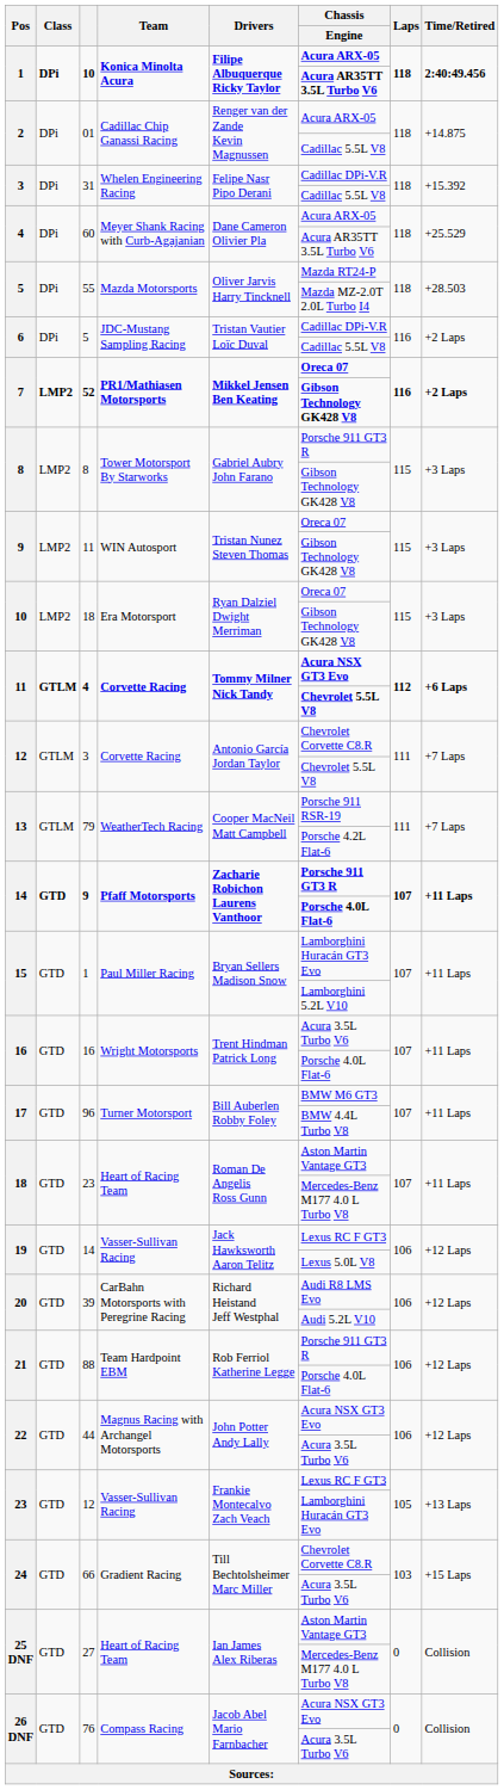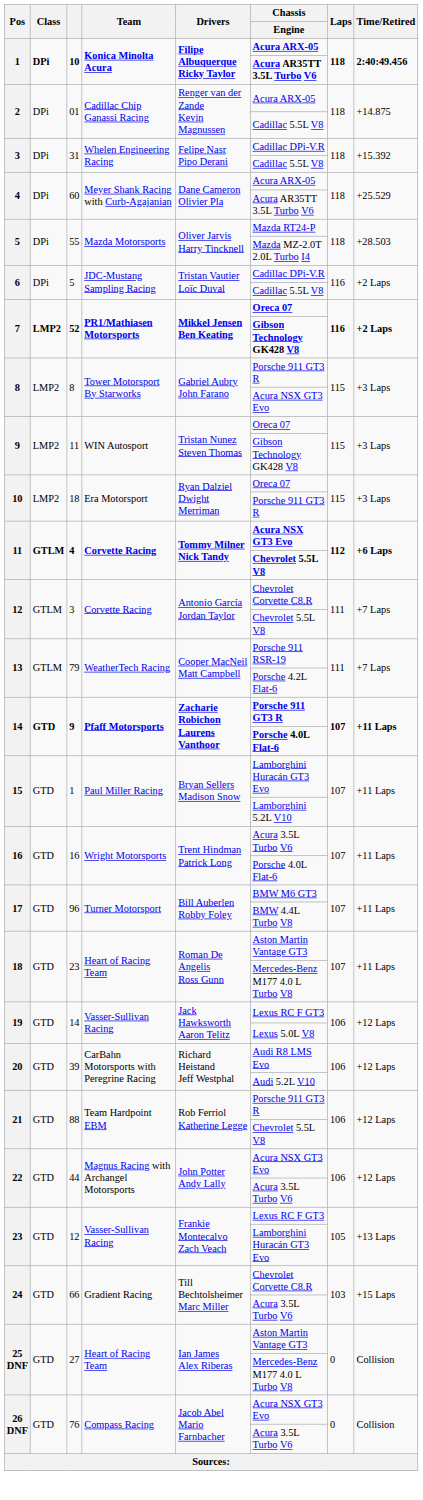 <table class="wikitable" style="font-size: 95%;">
 <tr>
 <th rowspan="2">Pos</th>
 <th rowspan="2">Class</th>
 <th rowspan="2"></th>
 <th rowspan="2">Team</th>
 <th rowspan="2">Drivers</th>
 <th>Chassis</th>
 <th rowspan="2">Laps</th>
 <th rowspan="2">Time/Retired</th>
 </tr>
 <tr>
 <th>Engine</th>
 </tr>
 <tr style="font-weight:bold">
 <th rowspan="2">1</th>
 <td rowspan="2">DPi</td>
 <td rowspan="2">10</td>
 <td rowspan="2"> <a href='#'>Konica Minolta Acura</a></td>
 <td rowspan="2"> <strong><a href='#'>Filipe Albuquerque</a></strong><br> <a href='#'>Ricky Taylor</a></td>
 <td><a href='#'>Acura ARX-05</a></td>
 <td rowspan="2">118</td>
 <td rowspan="2">2:40:49.456</td>
 </tr>
 <tr style="font-weight:bold">
 <td><a href='#'>Acura</a> AR35TT 3.5L <a href='#'>Turbo</a> <a href='#'>V6</a></td>
 </tr>
 <tr>
 <th rowspan="2">2</th>
 <td rowspan="2">DPi</td>
 <td rowspan="2">01</td>
 <td rowspan="2"> <a href='#'>Cadillac Chip Ganassi Racing</a></td>
 <td rowspan="2"> <a href='#'>Renger van der Zande</a><br> <a href='#'>Kevin Magnussen</a></td>
 <td><a href='#'>Acura ARX-05</a></td>
 <td rowspan="2">118</td>
 <td rowspan="2">+14.875</td>
 </tr>
 <tr>
 <td><a href='#'>Cadillac</a> 5.5L <a href='#'>V8</a></td>
 </tr>
 <tr>
 <th rowspan="2">3</th>
 <td rowspan="2">DPi</td>
 <td rowspan="2">31</td>
 <td rowspan="2"> <a href='#'>Whelen Engineering Racing</a></td>
 <td rowspan="2"> <a href='#'>Felipe Nasr</a><br> <a href='#'>Pipo Derani</a></td>
 <td><a href='#'>Cadillac DPi-V.R</a></td>
 <td rowspan="2">118</td>
 <td rowspan="2">+15.392</td>
 </tr>
 <tr>
 <td><a href='#'>Cadillac</a> 5.5L <a href='#'>V8</a></td>
 </tr>
 <tr>
 <th rowspan="2">4</th>
 <td rowspan="2">DPi</td>
 <td rowspan="2">60</td>
 <td rowspan="2"> <a href='#'>Meyer Shank Racing</a> with <a href='#'>Curb-Agajanian</a></td>
 <td rowspan="2"> <a href='#'>Dane Cameron</a><br> <a href='#'>Olivier Pla</a></td>
 <td><a href='#'>Acura ARX-05</a></td>
 <td rowspan="2">118</td>
 <td rowspan="2">+25.529</td>
 </tr>
 <tr>
 <td><a href='#'>Acura</a> AR35TT 3.5L <a href='#'>Turbo</a> <a href='#'>V6</a></td>
 </tr>
 <tr>
 <th rowspan="2">5</th>
 <td rowspan="2">DPi</td>
 <td rowspan="2">55</td>
 <td rowspan="2"> <a href='#'>Mazda Motorsports</a></td>
 <td rowspan="2"> <a href='#'>Oliver Jarvis</a><br> <a href='#'>Harry Tincknell</a></td>
 <td><a href='#'>Mazda RT24-P</a></td>
 <td rowspan="2">118</td>
 <td rowspan="2">+28.503</td>
 </tr>
 <tr>
 <td><a href='#'>Mazda</a> MZ-2.0T 2.0L <a href='#'>Turbo</a> <a href='#'>I4</a></td>
 </tr>
 <tr>
 <th rowspan="2">6</th>
 <td rowspan="2">DPi</td>
 <td rowspan="2">5</td>
 <td rowspan="2"> <a href='#'>JDC-Mustang Sampling Racing</a></td>
 <td rowspan="2"> <a href='#'>Tristan Vautier</a><br> <a href='#'>Loïc Duval</a></td>
 <td><a href='#'>Cadillac DPi-V.R</a></td>
 <td rowspan="2">116</td>
 <td rowspan="2">+2 Laps</td>
 </tr>
 <tr>
 <td><a href='#'>Cadillac</a> 5.5L <a href='#'>V8</a></td>
 </tr>
 <tr style="font-weight:bold">
 <th rowspan="2">7</th>
 <td rowspan="2">LMP2</td>
 <td rowspan="2">52</td>
 <td rowspan="2"> <a href='#'>PR1/Mathiasen Motorsports</a></td>
 <td rowspan="2"> <a href='#'>Mikkel Jensen</a><br> <a href='#'>Ben Keating</a></td>
 <td><a href='#'>Oreca 07</a></td>
 <td rowspan="2">116</td>
 <td rowspan="2">+2 Laps</td>
 </tr>
 <tr style="font-weight:bold">
 <td><a href='#'>Gibson Technology</a> GK428 <a href='#'>V8</a></td>
 </tr>
 <tr>
 <th rowspan="2">8</th>
 <td rowspan="2">LMP2</td>
 <td rowspan="2">8</td>
 <td rowspan="2"> <a href='#'>Tower Motorsport By Starworks</a></td>
 <td rowspan="2"> <a href='#'>Gabriel Aubry</a><br> <a href='#'>John Farano</a></td>
 <td><a href='#'>Porsche 911 GT3 R</a></td>
 <td rowspan="2">115</td>
 <td rowspan="2">+3 Laps</td>
 </tr>
 <tr>
-<td><a href='#'>Gibson Technology</a> GK428 <a href='#'>V8</a></td>
+<td><a href='#'>Acura NSX GT3 Evo</a></td>
 </tr>
 <tr>
 <th rowspan="2">9</th>
 <td rowspan="2">LMP2</td>
 <td rowspan="2">11</td>
 <td rowspan="2"> WIN Autosport</td>
 <td rowspan="2"> <a href='#'>Tristan Nunez</a><br> <a href='#'>Steven Thomas</a></td>
 <td><a href='#'>Oreca 07</a></td>
 <td rowspan="2">115</td>
 <td rowspan="2">+3 Laps</td>
 </tr>
 <tr>
 <td><a href='#'>Gibson Technology</a> GK428 <a href='#'>V8</a></td>
 </tr>
 <tr>
 <th rowspan="2">10</th>
 <td rowspan="2">LMP2</td>
 <td rowspan="2">18</td>
 <td rowspan="2"> Era Motorsport</td>
 <td rowspan="2"> <a href='#'>Ryan Dalziel</a><br> <a href='#'>Dwight Merriman</a></td>
 <td><a href='#'>Oreca 07</a></td>
 <td rowspan="2">115</td>
 <td rowspan="2">+3 Laps</td>
 </tr>
 <tr>
-<td><a href='#'>Gibson Technology</a> GK428 <a href='#'>V8</a></td>
+<td><a href='#'>Porsche 911 GT3 R</a></td>
 </tr>
 <tr style="font-weight:bold">
 <th rowspan="2">11</th>
 <td rowspan="2">GTLM</td>
 <td rowspan="2">4</td>
 <td rowspan="2"> <a href='#'>Corvette Racing</a></td>
 <td rowspan="2"> <a href='#'>Tommy Milner</a><br> <a href='#'>Nick Tandy</a></td>
 <td><a href='#'>Acura NSX GT3 Evo</a></td>
 <td rowspan="2">112</td>
 <td rowspan="2">+6 Laps</td>
 </tr>
 <tr style="font-weight:bold">
 <td><a href='#'>Chevrolet</a> 5.5L <a href='#'>V8</a></td>
 </tr>
 <tr>
 <th rowspan="2">12</th>
 <td rowspan="2">GTLM</td>
 <td rowspan="2">3</td>
 <td rowspan="2"> <a href='#'>Corvette Racing</a></td>
 <td rowspan="2"> <a href='#'>Antonio García</a><br> <a href='#'>Jordan Taylor</a></td>
 <td><a href='#'>Chevrolet Corvette C8.R</a></td>
 <td rowspan="2">111</td>
 <td rowspan="2">+7 Laps</td>
 </tr>
 <tr>
 <td><a href='#'>Chevrolet</a> 5.5L <a href='#'>V8</a></td>
 </tr>
 <tr>
 <th rowspan="2">13</th>
 <td rowspan="2">GTLM</td>
 <td rowspan="2">79</td>
 <td rowspan="2"> <a href='#'>WeatherTech Racing</a></td>
 <td rowspan="2"> <a href='#'>Cooper MacNeil</a><br> <a href='#'>Matt Campbell</a></td>
 <td><a href='#'>Porsche 911 RSR-19</a></td>
 <td rowspan="2">111</td>
 <td rowspan="2">+7 Laps</td>
 </tr>
 <tr>
 <td><a href='#'>Porsche</a> 4.2L <a href='#'>Flat-6</a></td>
 </tr>
 <tr style="font-weight:bold">
 <th rowspan="2">14</th>
 <td rowspan="2">GTD</td>
 <td rowspan="2">9</td>
 <td rowspan="2"> <a href='#'>Pfaff Motorsports</a></td>
 <td rowspan="2"> <a href='#'>Zacharie Robichon</a><br> <a href='#'>Laurens Vanthoor</a></td>
 <td><a href='#'>Porsche 911 GT3 R</a></td>
 <td rowspan="2">107</td>
 <td rowspan="2">+11 Laps</td>
 </tr>
 <tr style="font-weight:bold">
 <td><a href='#'>Porsche</a> 4.0L <a href='#'>Flat-6</a></td>
 </tr>
 <tr>
 <th rowspan="2">15</th>
 <td rowspan="2">GTD</td>
 <td rowspan="2">1</td>
 <td rowspan="2"> <a href='#'>Paul Miller Racing</a></td>
 <td rowspan="2"> <a href='#'>Bryan Sellers</a><br> <a href='#'>Madison Snow</a></td>
 <td><a href='#'>Lamborghini Huracán GT3 Evo</a></td>
 <td rowspan="2">107</td>
 <td rowspan="2">+11 Laps</td>
 </tr>
 <tr>
 <td><a href='#'>Lamborghini</a> 5.2L <a href='#'>V10</a></td>
 </tr>
 <tr>
 <th rowspan="2">16</th>
 <td rowspan="2">GTD</td>
 <td rowspan="2">16</td>
 <td rowspan="2"> <a href='#'>Wright Motorsports</a></td>
 <td rowspan="2"> <a href='#'>Trent Hindman</a><br> <a href='#'>Patrick Long</a></td>
 <td><a href='#'>Acura</a> 3.5L <a href='#'>Turbo</a> <a href='#'>V6</a></td>
 <td rowspan="2">107</td>
 <td rowspan="2">+11 Laps</td>
 </tr>
 <tr>
 <td><a href='#'>Porsche</a> 4.0L <a href='#'>Flat-6</a></td>
 </tr>
 <tr>
 <th rowspan="2">17</th>
 <td rowspan="2">GTD</td>
 <td rowspan="2">96</td>
 <td rowspan="2"> <a href='#'>Turner Motorsport</a></td>
 <td rowspan="2"> <a href='#'>Bill Auberlen</a><br> <a href='#'>Robby Foley</a></td>
 <td><a href='#'>BMW M6 GT3</a></td>
 <td rowspan="2">107</td>
 <td rowspan="2">+11 Laps</td>
 </tr>
 <tr>
 <td><a href='#'>BMW</a> 4.4L <a href='#'>Turbo</a> <a href='#'>V8</a></td>
 </tr>
 <tr>
 <th rowspan="2">18</th>
 <td rowspan="2">GTD</td>
 <td rowspan="2">23</td>
 <td rowspan="2"> <a href='#'>Heart of Racing Team</a></td>
 <td rowspan="2"> <a href='#'>Roman De Angelis</a><br> <a href='#'>Ross Gunn</a></td>
 <td><a href='#'>Aston Martin Vantage GT3</a></td>
 <td rowspan="2">107</td>
 <td rowspan="2">+11 Laps</td>
 </tr>
 <tr>
 <td><a href='#'>Mercedes-Benz</a> M177 4.0 L <a href='#'>Turbo</a> <a href='#'>V8</a></td>
 </tr>
 <tr>
 <th rowspan="2">19</th>
 <td rowspan="2">GTD</td>
 <td rowspan="2">14</td>
 <td rowspan="2"> <a href='#'>Vasser-Sullivan Racing</a></td>
 <td rowspan="2"> <a href='#'>Jack Hawksworth</a><br> <a href='#'>Aaron Telitz</a></td>
 <td><a href='#'>Lexus RC F GT3</a></td>
 <td rowspan="2">106</td>
 <td rowspan="2">+12 Laps</td>
 </tr>
 <tr>
 <td><a href='#'>Lexus</a> 5.0L <a href='#'>V8</a></td>
 </tr>
 <tr>
 <th rowspan="2">20</th>
 <td rowspan="2">GTD</td>
 <td rowspan="2">39</td>
 <td rowspan="2"> CarBahn Motorsports with Peregrine Racing</td>
 <td rowspan="2"> Richard Heistand<br> Jeff Westphal</td>
 <td><a href='#'>Audi R8 LMS Evo</a></td>
 <td rowspan="2">106</td>
 <td rowspan="2">+12 Laps</td>
 </tr>
 <tr>
 <td><a href='#'>Audi</a> 5.2L <a href='#'>V10</a></td>
 </tr>
 <tr>
 <th rowspan="2">21</th>
 <td rowspan="2">GTD</td>
 <td rowspan="2">88</td>
 <td rowspan="2"> Team Hardpoint <a href='#'>EBM</a></td>
 <td rowspan="2"> Rob Ferriol<br> <a href='#'>Katherine Legge</a></td>
 <td><a href='#'>Porsche 911 GT3 R</a></td>
 <td rowspan="2">106</td>
 <td rowspan="2">+12 Laps</td>
 </tr>
 <tr>
-<td><a href='#'>Porsche</a> 4.0L <a href='#'>Flat-6</a></td>
+<td><a href='#'>Chevrolet</a> 5.5L <a href='#'>V8</a></td>
 </tr>
 <tr>
 <th rowspan="2">22</th>
 <td rowspan="2">GTD</td>
 <td rowspan="2">44</td>
 <td rowspan="2"> <a href='#'>Magnus Racing</a> with Archangel Motorsports</td>
 <td rowspan="2"> <a href='#'>John Potter</a><br> <a href='#'>Andy Lally</a></td>
 <td><a href='#'>Acura NSX GT3 Evo</a></td>
 <td rowspan="2">106</td>
 <td rowspan="2">+12 Laps</td>
 </tr>
 <tr>
 <td><a href='#'>Acura</a> 3.5L <a href='#'>Turbo</a> <a href='#'>V6</a></td>
 </tr>
 <tr>
 <th rowspan="2">23</th>
 <td rowspan="2">GTD</td>
 <td rowspan="2">12</td>
 <td rowspan="2"> <a href='#'>Vasser-Sullivan Racing</a></td>
 <td rowspan="2"> <a href='#'>Frankie Montecalvo</a><br> <a href='#'>Zach Veach</a></td>
 <td><a href='#'>Lexus RC F GT3</a></td>
 <td rowspan="2">105</td>
 <td rowspan="2">+13 Laps</td>
 </tr>
 <tr>
 <td><a href='#'>Lamborghini Huracán GT3 Evo</a></td>
 </tr>
 <tr>
 <th rowspan="2">24</th>
 <td rowspan="2">GTD</td>
 <td rowspan="2">66</td>
 <td rowspan="2"> Gradient Racing</td>
 <td rowspan="2"> Till Bechtolsheimer<br> <a href='#'>Marc Miller</a></td>
 <td><a href='#'>Chevrolet Corvette C8.R</a></td>
 <td rowspan="2">103</td>
 <td rowspan="2">+15 Laps</td>
 </tr>
 <tr>
 <td><a href='#'>Acura</a> 3.5L <a href='#'>Turbo</a> <a href='#'>V6</a></td>
 </tr>
 <tr>
 <th rowspan="2">25<br>DNF</th>
 <td rowspan="2">GTD</td>
 <td rowspan="2">27</td>
 <td rowspan="2"> <a href='#'>Heart of Racing Team</a></td>
 <td rowspan="2"> <a href='#'>Ian James</a><br> <a href='#'>Alex Riberas</a></td>
 <td><a href='#'>Aston Martin Vantage GT3</a></td>
 <td rowspan="2">0</td>
 <td rowspan="2">Collision</td>
 </tr>
 <tr>
 <td><a href='#'>Mercedes-Benz</a> M177 4.0 L <a href='#'>Turbo</a> <a href='#'>V8</a></td>
 </tr>
 <tr>
 <th rowspan="2">26<br>DNF</th>
 <td rowspan="2">GTD</td>
 <td rowspan="2">76</td>
 <td rowspan="2"> <a href='#'>Compass Racing</a></td>
 <td rowspan="2"> <a href='#'>Jacob Abel</a><br> <a href='#'>Mario Farnbacher</a></td>
 <td><a href='#'>Acura NSX GT3 Evo</a></td>
 <td rowspan="2">0</td>
 <td rowspan="2">Collision</td>
 </tr>
 <tr>
 <td><a href='#'>Acura</a> 3.5L <a href='#'>Turbo</a> <a href='#'>V6</a></td>
 </tr>
 <tr>
 <th colspan="8" align="center">Sources:</th>
 </tr>
 </table>
